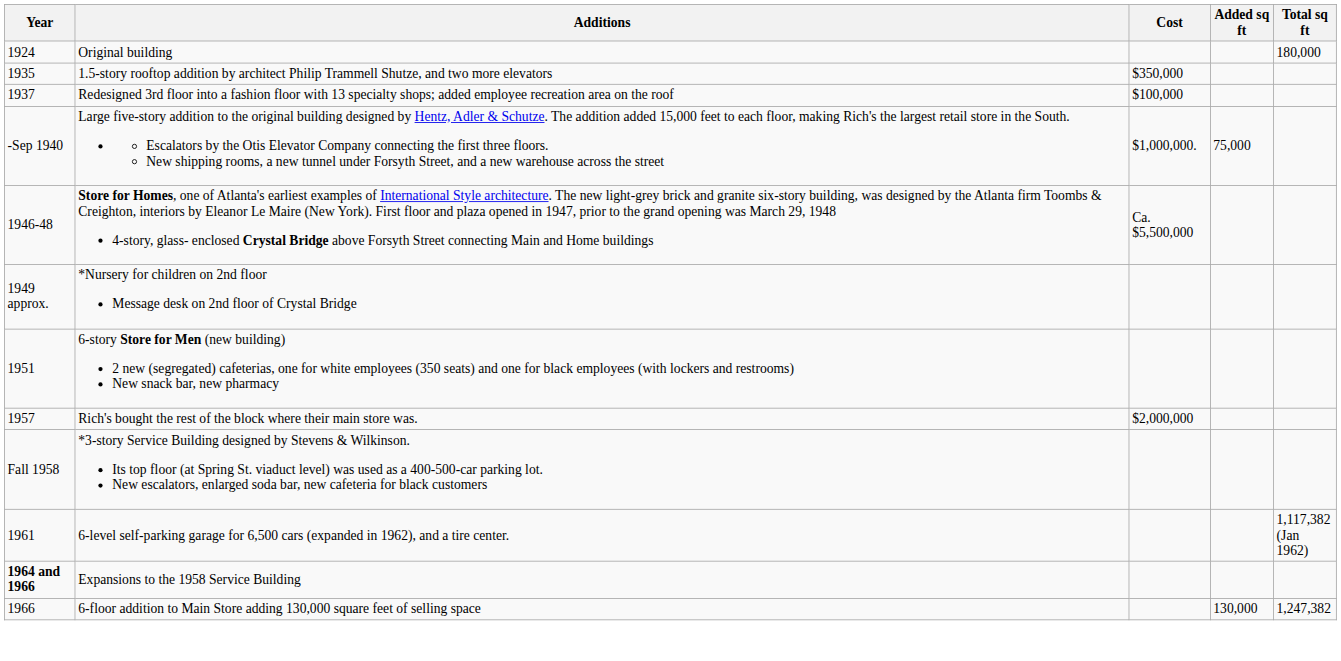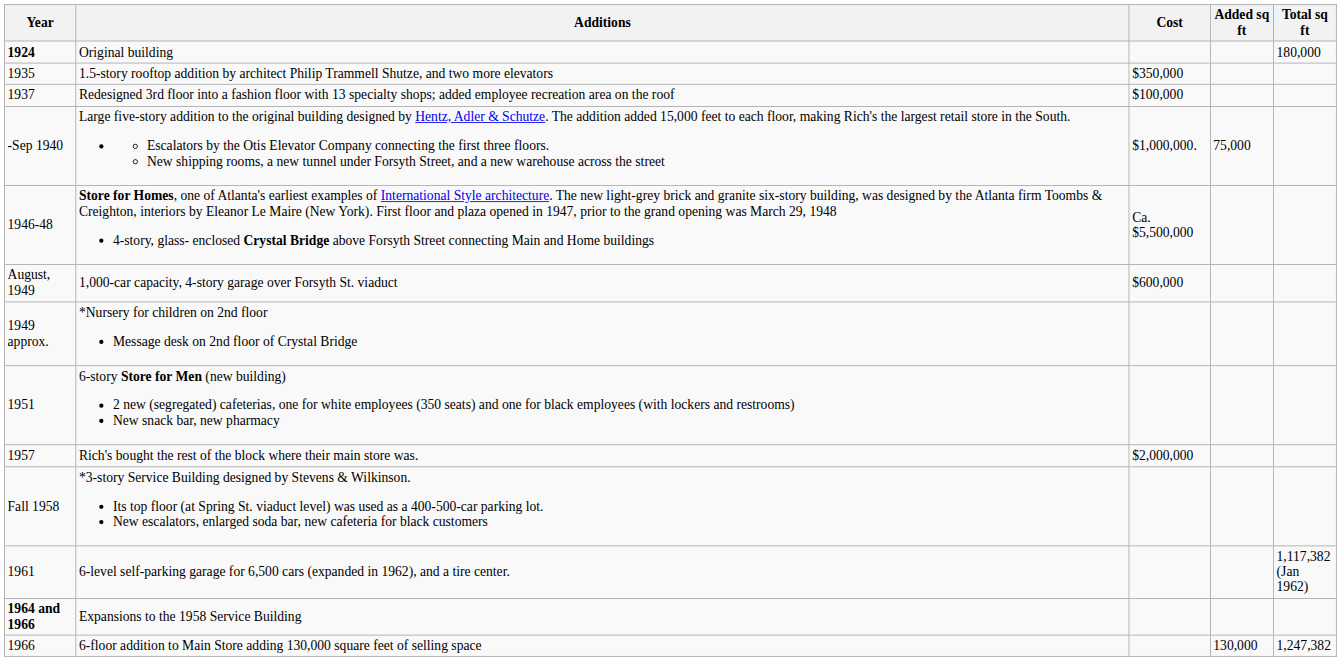 <table table class="wikitable sortable">
 <tr>
 <th>Year</th>
 <th>Additions</th>
 <th>Cost</th>
 <th>Added sq ft</th>
 <th>Total sq ft</th>
 </tr>
 <tr>
-<td>1924</td>
+<td><strong>1924</strong></td>
 <td>Original building</td>
 <td></td>
 <td></td>
 <td>180,000</td>
 </tr>
 <tr>
 <td>1935</td>
 <td>1.5-story rooftop addition by architect Philip Trammell Shutze, and two more elevators</td>
 <td>$350,000</td>
 <td></td>
 <td></td>
 </tr>
 <tr>
 <td>1937</td>
 <td>Redesigned 3rd floor into a fashion floor with 13 specialty shops; added employee recreation area on the roof</td>
 <td>$100,000</td>
 <td></td>
 <td></td>
 </tr>
 <tr>
 <td>-Sep 1940</td>
 <td>Large five-story addition to the original building designed by <a href='#'>Hentz, Adler & Schutze</a>.  The addition added 15,000 feet to each floor, making Rich's the largest retail store in the South.<br><ul><li><ul><li>Escalators by the Otis Elevator Company connecting the first three floors.</li><li>New shipping rooms, a new tunnel under Forsyth Street, and a new warehouse across the street</li></ul></li></ul></td>
 <td>$1,000,000.</td>
 <td>75,000</td>
 <td></td>
 </tr>
 <tr>
 <td>1946-48</td>
 <td><strong>Store for Homes</strong>, one of Atlanta's earliest examples of <a href='#'>International Style architecture</a>. The new light-grey brick and granite six-story building, was designed by the Atlanta firm Toombs & Creighton, interiors by Eleanor Le Maire (New York). First floor and plaza opened in 1947, prior to the grand opening was March 29, 1948<br><ul><li>4-story, glass- enclosed <strong>Crystal Bridge</strong> above Forsyth Street connecting Main and Home buildings</li></ul></td>
 <td>Ca. $5,500,000</td>
+<td></td>
+<td></td>
+</tr>
+<tr>
+<td>August, 1949</td>
+<td>1,000-car capacity, 4-story garage over Forsyth St. viaduct</td>
+<td>$600,000</td>
 <td></td>
 <td></td>
 </tr>
 <tr>
 <td>1949 approx.</td>
 <td>*Nursery for children on 2nd floor<br><ul><li>Message desk on 2nd floor of Crystal Bridge</li></ul></td>
 <td></td>
 <td></td>
 <td></td>
 </tr>
 <tr>
 <td>1951</td>
 <td>6-story <strong>Store for Men</strong> (new building)<br><ul><li>2 new (segregated) cafeterias, one for white employees (350 seats) and one for black employees (with lockers and restrooms)</li><li>New snack bar, new pharmacy</li></ul></td>
 <td></td>
 <td></td>
 <td></td>
 </tr>
 <tr>
 <td>1957</td>
 <td>Rich's bought the rest of the block where their main store was.</td>
 <td>$2,000,000</td>
 <td></td>
 <td></td>
 </tr>
 <tr>
 <td>Fall 1958</td>
 <td>*3-story Service Building  designed by Stevens & Wilkinson.<br><ul><li>Its top floor (at Spring St. viaduct level) was used as a 400-500-car parking lot.</li><li>New escalators, enlarged soda bar, new cafeteria for black customers</li></ul></td>
 <td></td>
 <td></td>
 <td></td>
 </tr>
 <tr>
 <td>1961</td>
 <td>6-level self-parking garage for 6,500 cars (expanded in 1962), and a tire center.</td>
 <td></td>
 <td></td>
 <td>1,117,382<br>(Jan 1962)</td>
 </tr>
 <tr>
 <td><strong>1964 and 1966</strong></td>
 <td>Expansions to the 1958 Service Building</td>
 <td></td>
 <td></td>
 <td></td>
 </tr>
 <tr>
 <td>1966</td>
 <td>6-floor addition to Main Store adding 130,000 square feet of selling space</td>
 <td></td>
 <td>130,000</td>
 <td>1,247,382</td>
 </tr>
 </table>
